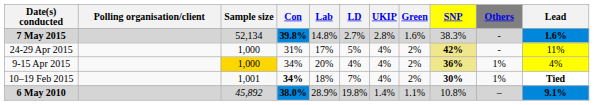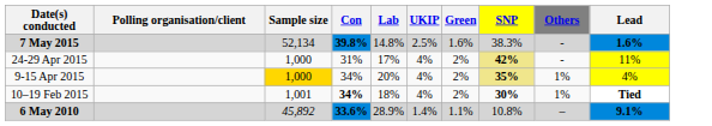 <table class="wikitable sortable" style="text-align:center;font-size:90%;line-height:14px">
 <tr>
 <th ! style="width:100px;">Date(s)<br>conducted</th>
 <th style="width:200px;">Polling organisation/client</th>
 <th class="unsortable" style="width:75px;">Sample size</th>
 <th class="unsortable" style="background:"><a href='#'><span>Con</span></a></th>
 <th class="unsortable" style="background:"><a href='#'><span>Lab</span></a></th>
-<th class="unsortable" style="background:"><a href='#'><span>LD</span></a></th>
 <th class="unsortable" style="background:"><a href='#'><span>UKIP</span></a></th>
 <th class="unsortable" style="background:"><a href='#'><span>Green</span></a></th>
 <th class="unsortable" style="background:#ffff00; width:60px;"><a href='#'><span>SNP</span></a></th>
 <th class="unsortable" style="background:gray; width:60px;"><a href='#'><span>Others</span></a></th>
 <th class="unsortable" style="width:90px;">Lead</th>
 </tr>
 <tr>
 <td style="background:#D5D5D5"><strong>7 May 2015</strong></td>
 <td style="background:#D5D5D5"></td>
 <td style="background:#D5D5D5">52,134</td>
 <td style="background:#0087dc"><span><strong>39.8%</strong></span></td>
 <td style="background:#D5D5D5">14.8%</td>
-<td style="background:#D5D5D5">2.7%</td>
-<td style="background:#D5D5D5">2.8%</td>
+<td style="background:#D5D5D5">2.5%</td>
 <td style="background:#D5D5D5">1.6%</td>
 <td style="background:#D5D5D5">38.3%</td>
 <td style="background:#D5D5D5">-</td>
 <td style="background:#0087dc"><span><strong>1.6% </strong></span></td>
 </tr>
 <tr>
 <td>24-29 Apr 2015</td>
 <td> </td>
 <td>1,000</td>
 <td>31%</td>
 <td>17%</td>
-<td>5%</td>
 <td>4%</td>
 <td>2%</td>
 <td style="background:khaki"><strong>42%</strong></td>
 <td>-</td>
 <td style="background:#ff0"><span>11% </span></td>
 </tr>
 <tr>
 <td>9-15 Apr 2015</td>
 <td> </td>
 <td style="background: gold;">1,000</td>
 <td>34%</td>
 <td>20%</td>
 <td>4%</td>
-<td>4%</td>
 <td>2%</td>
-<td style="background:khaki"><strong>36%</strong></td>
+<td style="background:khaki"><strong>35%</strong></td>
 <td>1%</td>
 <td style="background:#ff0"><span>4% </span></td>
 </tr>
 <tr>
 <td>10–19 Feb 2015</td>
 <td> </td>
 <td>1,001</td>
 <td><strong>34%</strong></td>
 <td>18%</td>
-<td>7%</td>
 <td>4%</td>
 <td>2%</td>
 <td><strong>30%</strong></td>
 <td>1%</td>
 <td style="background:white"><span><strong>Tied</strong></span></td>
 </tr>
 <tr>
 <td style="background:#D5D5D5"><strong>6 May 2010</strong></td>
 <td style="background:#D5D5D5"></td>
 <td style="background:#D5D5D5"><em>45,892</em></td>
-<td style="background:#0087dc"><span><strong>38.0%</strong></span></td>
+<td style="background:#0087dc"><span><strong>33.6%</strong></span></td>
 <td style="background:#D5D5D5">28.9%</td>
-<td style="background:#D5D5D5">19.8%</td>
 <td style="background:#D5D5D5">1.4%</td>
 <td style="background:#D5D5D5">1.1%</td>
 <td style="background:#D5D5D5">10.8%</td>
 <td style="background:#D5D5D5">–</td>
 <td style="background:#0087dc"><span><strong>9.1% </strong></span></td>
 </tr>
 </table>
